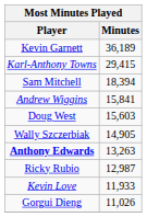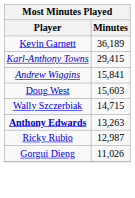 <table class="wikitable sortable" style="text-align:center">
 <tr>
 <th colspan="2" style="text-align:center; ">Most Minutes Played</th>
 </tr>
 <tr>
 <th style="text-align:center; ">Player</th>
 <th style="text-align:center; ">Minutes</th>
 </tr>
 <tr>
 <td><a href='#'>Kevin Garnett</a></td>
 <td>36,189</td>
 </tr>
 <tr>
 <td><em><a href='#'>Karl-Anthony Towns</a></em></td>
 <td>29,415</td>
 </tr>
 <tr>
-<td><a href='#'>Sam Mitchell</a></td>
-<td>18,394</td>
-</tr>
-<tr>
 <td><em><a href='#'>Andrew Wiggins</a></em></td>
 <td>15,841</td>
 </tr>
 <tr>
 <td><a href='#'>Doug West</a></td>
 <td>15,603</td>
 </tr>
 <tr>
 <td><a href='#'>Wally Szczerbiak</a></td>
-<td>14,905</td>
+<td>14,715</td>
 </tr>
 <tr>
 <td><strong><a href='#'>Anthony Edwards</a></strong></td>
 <td>13,263</td>
 </tr>
 <tr>
 <td><a href='#'>Ricky Rubio</a></td>
 <td>12,987</td>
 </tr>
 <tr>
-<td><em><a href='#'>Kevin Love</a></em></td>
-<td>11,933</td>
-</tr>
-<tr>
 <td><a href='#'>Gorgui Dieng</a></td>
 <td>11,026</td>
 </tr>
 <tr>
 </tr>
 </table>
